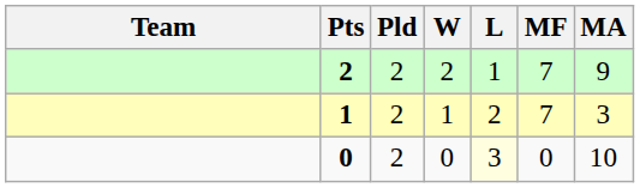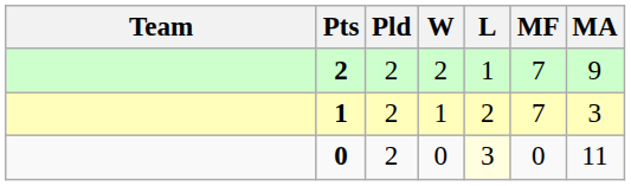 <table class=wikitable style="text-align:center">
 <tr>
 <th width=175>Team</th>
 <th width=20>Pts</th>
 <th width=20>Pld</th>
 <th width=20>W</th>
 <th width=20>L</th>
 <th width=20>MF</th>
 <th width=20>MA</th>
 </tr>
 <tr bgcolor=#ccffcc>
 <td style="text-align:left"></td>
 <td><strong>2</strong></td>
 <td>2</td>
 <td>2</td>
 <td>1</td>
 <td>7</td>
 <td>9</td>
 </tr>
 <tr bgcolor=#ffffbb>
 <td style="text-align:left"></td>
 <td><strong>1</strong></td>
 <td>2</td>
 <td>1</td>
 <td>2</td>
 <td>7</td>
 <td>3</td>
 </tr>
 <tr>
 <td style="text-align:left"></td>
 <td><strong>0</strong></td>
 <td>2</td>
 <td>0</td>
 <td style="background: lightyellow;">3</td>
 <td>0</td>
-<td>10</td>
+<td>11</td>
 </tr>
 </table>
